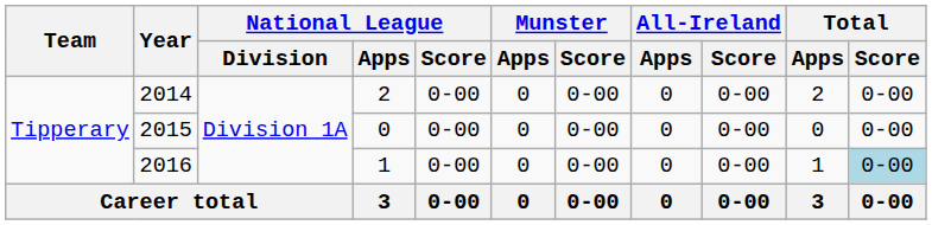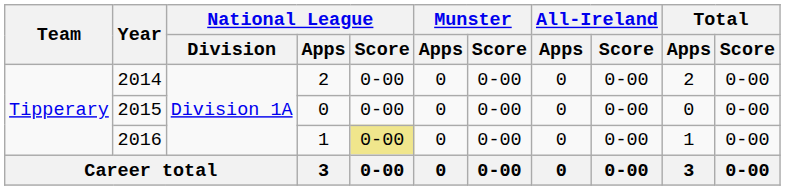 <table class="wikitable" style="text-align:center">
 <tr>
 <th rowspan="2">Team</th>
 <th rowspan="2">Year</th>
 <th colspan="3"><a href='#'>National League</a></th>
 <th colspan="2"><a href='#'>Munster</a></th>
 <th colspan="2"><a href='#'>All-Ireland</a></th>
 <th colspan="2">Total</th>
 </tr>
 <tr>
 <th>Division</th>
 <th>Apps</th>
 <th>Score</th>
 <th>Apps</th>
 <th>Score</th>
 <th>Apps</th>
 <th>Score</th>
 <th>Apps</th>
 <th>Score</th>
 </tr>
 <tr>
 <td rowspan="3"><a href='#'>Tipperary</a></td>
 <td>2014</td>
 <td rowspan="3"><a href='#'>Division 1A</a></td>
 <td>2</td>
 <td>0-00</td>
 <td>0</td>
 <td>0-00</td>
 <td>0</td>
 <td>0-00</td>
 <td>2</td>
 <td>0-00</td>
 </tr>
 <tr>
 <td>2015</td>
 <td>0</td>
 <td>0-00</td>
 <td>0</td>
 <td>0-00</td>
 <td>0</td>
 <td>0-00</td>
 <td>0</td>
 <td>0-00</td>
 </tr>
 <tr>
 <td>2016</td>
 <td>1</td>
-<td>0-00</td>
+<td style="background: khaki;">0-00</td>
 <td>0</td>
 <td>0-00</td>
 <td>0</td>
 <td>0-00</td>
 <td>1</td>
-<td style="background: lightblue;">0-00</td>
+<td>0-00</td>
 </tr>
 <tr>
 <th colspan="3">Career total</th>
 <th>3</th>
 <th>0-00</th>
 <th>0</th>
 <th>0-00</th>
 <th>0</th>
 <th>0-00</th>
 <th>3</th>
 <th>0-00</th>
 </tr>
 </table>
